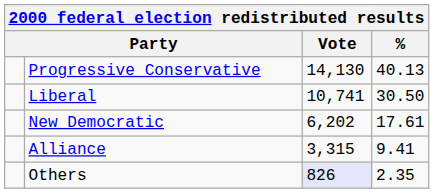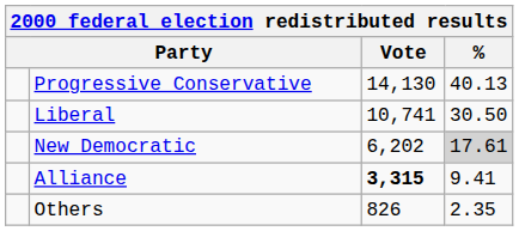 <table class="wikitable">
 <tr>
 <th colspan="4"><a href='#'>2000 federal election</a> redistributed results</th>
 </tr>
 <tr>
 <th bgcolor="#DDDDFF" width="230px" colspan="2">Party</th>
 <th bgcolor="#DDDDFF" width="50px">Vote</th>
 <th bgcolor="#DDDDFF" width="30px">%</th>
 </tr>
 <tr>
 <td> </td>
 <td><a href='#'>Progressive Conservative</a></td>
 <td>14,130</td>
 <td>40.13</td>
 </tr>
 <tr>
 <td> </td>
 <td><a href='#'>Liberal</a></td>
 <td>10,741</td>
 <td>30.50</td>
 </tr>
 <tr>
 <td> </td>
 <td><a href='#'>New Democratic</a></td>
 <td>6,202</td>
-<td>17.61</td>
+<td style="background: lightgrey;">17.61</td>
 </tr>
 <tr>
 <td> </td>
 <td><a href='#'>Alliance</a></td>
-<td>3,315</td>
+<td><strong>3,315</strong></td>
 <td>9.41</td>
 </tr>
 <tr>
 <td> </td>
 <td>Others</td>
-<td style="background: lavender;">826</td>
+<td>826</td>
 <td>2.35</td>
 </tr>
 </table>
